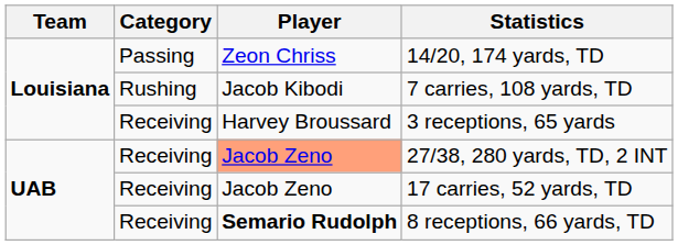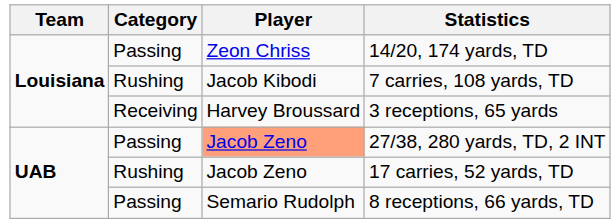 <table class="wikitable" style="float: right;">
 <tr>
 <th>Team</th>
 <th>Category</th>
 <th>Player</th>
 <th>Statistics</th>
 </tr>
 <tr>
 <td rowspan=3><strong>Louisiana</strong></td>
 <td>Passing</td>
 <td><a href='#'>Zeon Chriss</a></td>
 <td>14/20, 174 yards, TD</td>
 </tr>
 <tr>
 <td>Rushing</td>
 <td>Jacob Kibodi</td>
 <td>7 carries, 108 yards, TD</td>
 </tr>
 <tr>
 <td>Receiving</td>
 <td>Harvey Broussard</td>
 <td>3 receptions, 65 yards</td>
 </tr>
 <tr>
 <td rowspan=3><strong>UAB</strong></td>
-<td>Receiving</td>
+<td>Passing</td>
 <td style="background: lightsalmon;"><a href='#'>Jacob Zeno</a></td>
 <td>27/38, 280 yards, TD, 2 INT</td>
 </tr>
 <tr>
-<td>Receiving</td>
+<td>Rushing</td>
 <td>Jacob Zeno</td>
 <td>17 carries, 52 yards, TD</td>
 </tr>
 <tr>
-<td>Receiving</td>
-<td><strong>Semario Rudolph</strong></td>
+<td>Passing</td>
+<td>Semario Rudolph</td>
 <td>8 receptions, 66 yards, TD</td>
 </tr>
 </table>
